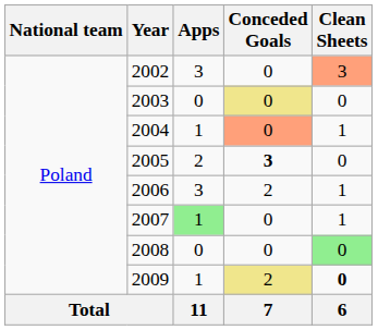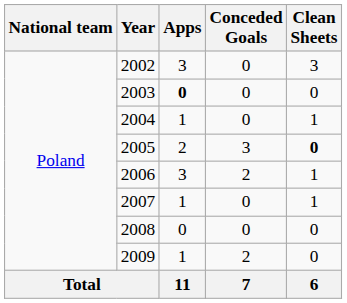 <table class="wikitable" style="text-align:center">
 <tr>
 <th>National team</th>
 <th>Year</th>
 <th>Apps</th>
 <th>Conceded<br>Goals</th>
 <th>Clean<br>Sheets</th>
 </tr>
 <tr>
 <td rowspan="8" style="vertical-align:center;"><a href='#'>Poland</a></td>
 <td>2002</td>
 <td>3</td>
 <td>0</td>
-<td style="background: lightsalmon;">3</td>
+<td>3</td>
 </tr>
 <tr>
 <td>2003</td>
+<td><strong>0</strong></td>
 <td>0</td>
-<td style="background: khaki;">0</td>
 <td>0</td>
 </tr>
 <tr>
 <td>2004</td>
 <td>1</td>
-<td style="background: lightsalmon;">0</td>
+<td>0</td>
 <td>1</td>
 </tr>
 <tr>
 <td>2005</td>
 <td>2</td>
-<td><strong>3</strong></td>
-<td>0</td>
+<td>3</td>
+<td><strong>0</strong></td>
 </tr>
 <tr>
 <td>2006</td>
 <td>3</td>
 <td>2</td>
 <td>1</td>
 </tr>
 <tr>
 <td>2007</td>
-<td style="background: lightgreen;">1</td>
+<td>1</td>
 <td>0</td>
 <td>1</td>
 </tr>
 <tr>
 <td>2008</td>
 <td>0</td>
 <td>0</td>
-<td style="background: lightgreen;">0</td>
+<td>0</td>
 </tr>
 <tr>
 <td>2009</td>
 <td>1</td>
-<td style="background: khaki;">2</td>
-<td><strong>0</strong></td>
+<td>2</td>
+<td>0</td>
 </tr>
 <tr>
 <th colspan="2">Total</th>
 <th>11</th>
 <th>7</th>
 <th>6</th>
 </tr>
 </table>
